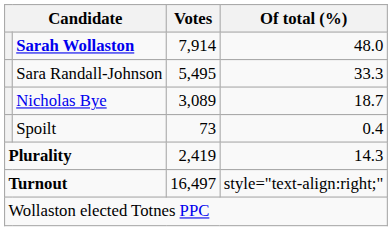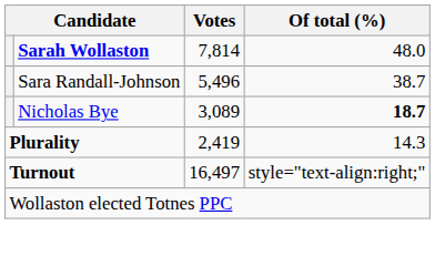 <table class="wikitable" style="font-size:95%;">
 <tr>
 <th colspan="2">Candidate</th>
 <th>Votes</th>
 <th>Of total (%)</th>
 </tr>
 <tr>
 <th style="background-color: "></th>
 <td><strong><a href='#'>Sarah Wollaston</a></strong></td>
-<td style="text-align:right;">7,914</td>
+<td style="text-align:right;">7,814</td>
 <td style="text-align:right;">48.0</td>
 </tr>
 <tr>
 <th style="background-color: "></th>
 <td>Sara Randall-Johnson</td>
-<td style="text-align:right;">5,495</td>
-<td style="text-align:right;">33.3</td>
+<td style="text-align:right;">5,496</td>
+<td style="text-align:right;">38.7</td>
 </tr>
 <tr>
 <th style="background-color: "></th>
 <td><a href='#'>Nicholas Bye</a></td>
 <td style="text-align:right;">3,089</td>
-<td style="text-align:right;">18.7</td>
-</tr>
-<tr>
-<th style="background-color: "></th>
-<td>Spoilt</td>
-<td style="text-align:right;">73</td>
-<td style="text-align:right;">0.4</td>
+<td style="text-align:right;"><strong>18.7</strong></td>
 </tr>
 <tr>
 <td colspan="2" style="font-weight:bold;">Plurality</td>
 <td style="text-align:right;">2,419</td>
 <td style="text-align:right;">14.3</td>
 </tr>
 <tr>
 <td colspan="2" style="font-weight:bold;">Turnout</td>
 <td style="text-align:right;">16,497</td>
 <td>style="text-align:right;"   </td>
 </tr>
 <tr>
 <td colspan="4">Wollaston elected Totnes <a href='#'>PPC</a></td>
 </tr>
 </table>
